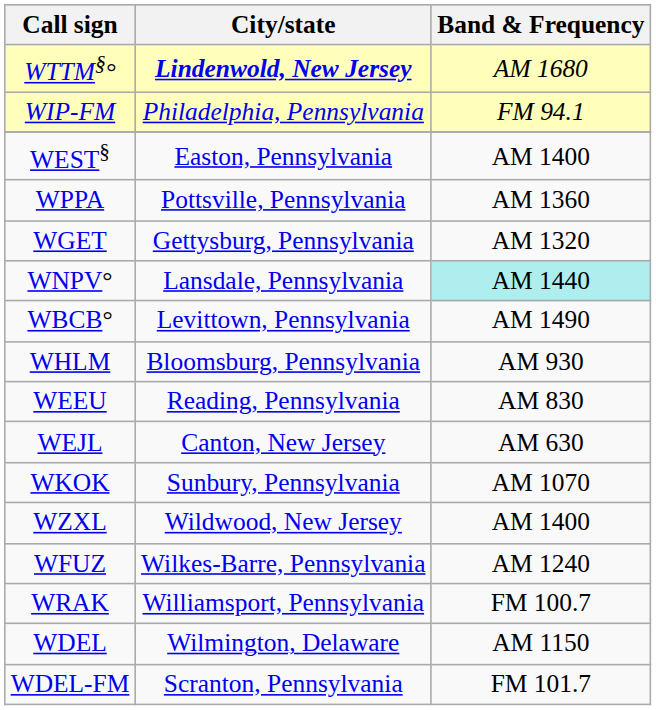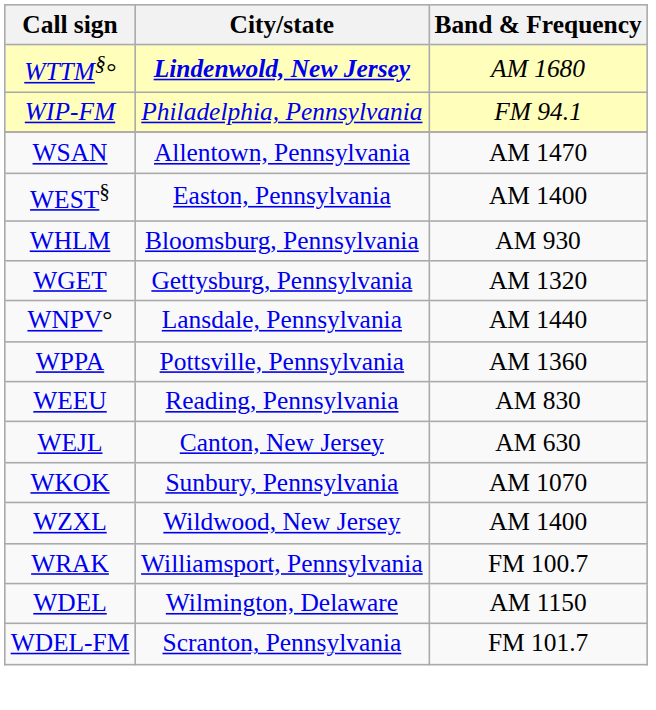 <table class="wikitable sortable" style="text-align:center;">
 <tr>
 <th>Call sign</th>
 <th>City/state</th>
 <th>Band & Frequency</th>
 </tr>
 <tr style="background:#ffb;">
 <td><em><a href='#'>WTTM</a><sup>§</sup>°</em></td>
 <td><strong><em><a href='#'>Lindenwold, New Jersey</a></em></strong></td>
 <td><em>AM 1680</em></td>
 </tr>
 <tr style="background:#ffb;">
 <td><em><a href='#'>WIP-FM</a></em></td>
 <td><em><a href='#'>Philadelphia, Pennsylvania</a></em></td>
 <td><em>FM 94.1</em> </td>
 </tr>
 <tr style="background:#ffb;">
 </tr>
 <tr>
+<td><a href='#'>WSAN</a></td>
+<td><a href='#'>Allentown, Pennsylvania</a></td>
+<td>AM 1470</td>
+</tr>
+<tr>
 <td><a href='#'>WEST</a><sup>§</sup></td>
 <td><a href='#'>Easton, Pennsylvania</a></td>
 <td>AM 1400</td>
 </tr>
 <tr>
-<td><a href='#'>WPPA</a></td>
-<td><a href='#'>Pottsville, Pennsylvania</a></td>
-<td>AM 1360</td>
+<td><a href='#'>WHLM</a></td>
+<td><a href='#'>Bloomsburg, Pennsylvania</a></td>
+<td>AM 930</td>
 </tr>
 <tr>
 <td><a href='#'>WGET</a></td>
 <td><a href='#'>Gettysburg, Pennsylvania</a></td>
 <td>AM 1320</td>
 </tr>
 <tr>
 <td><a href='#'>WNPV</a>°</td>
 <td><a href='#'>Lansdale, Pennsylvania</a></td>
-<td style="background: paleturquoise;">AM 1440</td>
+<td>AM 1440</td>
 </tr>
 <tr>
-<td><a href='#'>WBCB</a>°</td>
-<td><a href='#'>Levittown, Pennsylvania</a></td>
-<td>AM 1490</td>
-</tr>
-<tr>
-<td><a href='#'>WHLM</a></td>
-<td><a href='#'>Bloomsburg, Pennsylvania</a></td>
-<td>AM 930</td>
+<td><a href='#'>WPPA</a></td>
+<td><a href='#'>Pottsville, Pennsylvania</a></td>
+<td>AM 1360</td>
 </tr>
 <tr>
 <td><a href='#'>WEEU</a></td>
 <td><a href='#'>Reading, Pennsylvania</a></td>
 <td>AM 830</td>
 </tr>
 <tr>
 <td><a href='#'>WEJL</a></td>
 <td><a href='#'>Canton, New Jersey</a></td>
 <td>AM 630</td>
 </tr>
 <tr>
 <td><a href='#'>WKOK</a></td>
 <td><a href='#'>Sunbury, Pennsylvania</a></td>
 <td>AM 1070</td>
 </tr>
 <tr>
 <td><a href='#'>WZXL</a></td>
 <td><a href='#'>Wildwood, New Jersey</a></td>
 <td>AM 1400</td>
 </tr>
 <tr>
-<td><a href='#'>WFUZ</a></td>
-<td><a href='#'>Wilkes-Barre, Pennsylvania</a></td>
-<td>AM 1240</td>
-</tr>
-<tr>
 <td><a href='#'>WRAK</a></td>
 <td><a href='#'>Williamsport, Pennsylvania</a></td>
 <td>FM 100.7</td>
 </tr>
 <tr>
 <td><a href='#'>WDEL</a></td>
 <td><a href='#'>Wilmington, Delaware</a></td>
 <td>AM 1150</td>
 </tr>
 <tr>
 <td><a href='#'>WDEL-FM</a></td>
 <td><a href='#'>Scranton, Pennsylvania</a></td>
 <td>FM 101.7</td>
 </tr>
 </table>
